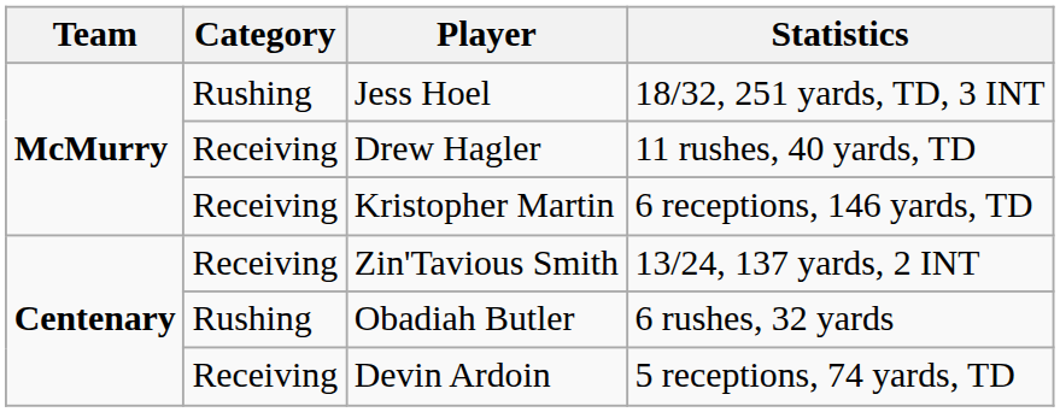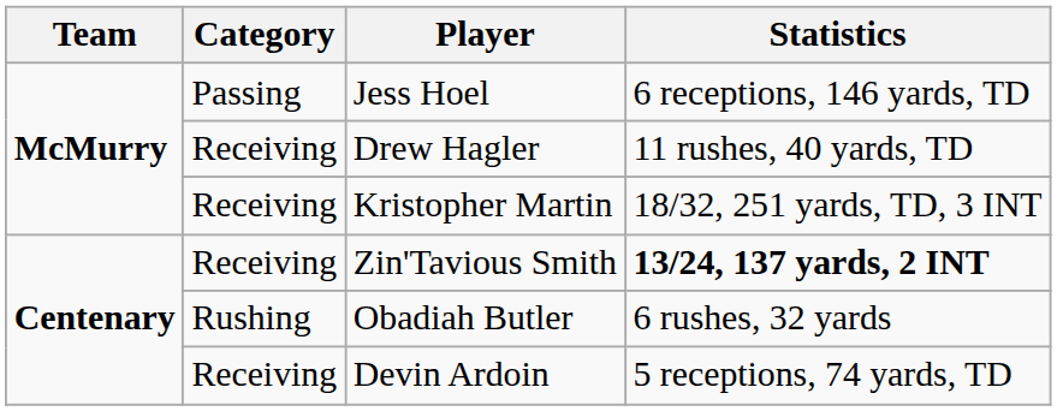 <table class="wikitable" style="float: left;">
 <tr>
 <th>Team</th>
 <th>Category</th>
 <th>Player</th>
 <th>Statistics</th>
 </tr>
 <tr>
 <td rowspan=3><strong>McMurry</strong></td>
-<td>Rushing</td>
+<td>Passing</td>
 <td>Jess Hoel</td>
-<td>18/32, 251 yards, TD, 3 INT</td>
+<td>6 receptions, 146 yards, TD</td>
 </tr>
 <tr>
 <td>Receiving</td>
 <td>Drew Hagler</td>
 <td>11 rushes, 40 yards, TD</td>
 </tr>
 <tr>
 <td>Receiving</td>
 <td>Kristopher Martin</td>
-<td>6 receptions, 146 yards, TD</td>
+<td>18/32, 251 yards, TD, 3 INT</td>
 </tr>
 <tr>
 <td rowspan=3><strong>Centenary</strong></td>
 <td>Receiving</td>
 <td>Zin'Tavious Smith</td>
-<td>13/24, 137 yards, 2 INT</td>
+<td><strong>13/24, 137 yards, 2 INT</strong></td>
 </tr>
 <tr>
 <td>Rushing</td>
 <td>Obadiah Butler</td>
 <td>6 rushes, 32 yards</td>
 </tr>
 <tr>
 <td>Receiving</td>
 <td>Devin Ardoin</td>
 <td>5 receptions, 74 yards, TD</td>
 </tr>
 </table>
